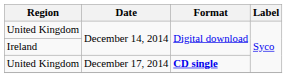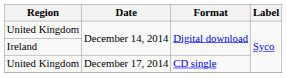 <table class="wikitable sortable plainrowheaders">
 <tr>
 <th scope="col">Region</th>
 <th scope="col">Date</th>
 <th scope="col">Format</th>
 <th scope="col">Label</th>
 </tr>
 <tr>
 <td>United Kingdom</td>
 <td rowspan="2">December 14, 2014</td>
 <td rowspan="2"><a href='#'>Digital download</a></td>
 <td rowspan="3"><a href='#'>Syco</a></td>
 </tr>
 <tr>
 <td>Ireland</td>
 </tr>
 <tr>
 <td>United Kingdom</td>
 <td>December 17, 2014</td>
-<td><strong><a href='#'>CD single</a></strong></td>
+<td><a href='#'>CD single</a></td>
 </tr>
 <tr>
 </tr>
 </table>
